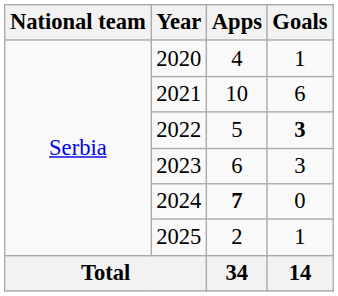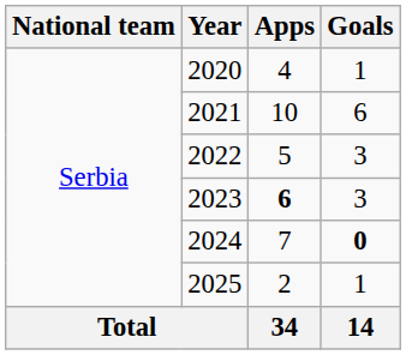 <table class="wikitable" style="text-align:center">
 <tr>
 <th>National team</th>
 <th>Year</th>
 <th>Apps</th>
 <th>Goals</th>
 </tr>
 <tr>
 <td rowspan="6"><a href='#'>Serbia</a></td>
 <td>2020</td>
 <td>4</td>
 <td>1</td>
 </tr>
 <tr>
 <td>2021</td>
 <td>10</td>
 <td>6</td>
 </tr>
 <tr>
 <td>2022</td>
 <td>5</td>
-<td><strong>3</strong></td>
+<td>3</td>
 </tr>
 <tr>
 <td>2023</td>
-<td>6</td>
+<td><strong>6</strong></td>
 <td>3</td>
 </tr>
 <tr>
 <td>2024</td>
-<td><strong>7</strong></td>
-<td>0</td>
+<td>7</td>
+<td><strong>0</strong></td>
 </tr>
 <tr>
 <td>2025</td>
 <td>2</td>
 <td>1</td>
 </tr>
 <tr>
 <th colspan="2">Total</th>
 <th>34</th>
 <th>14</th>
 </tr>
 </table>
